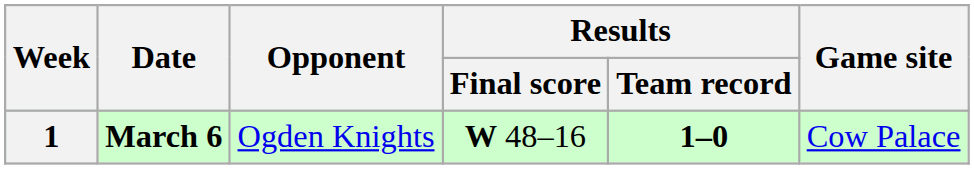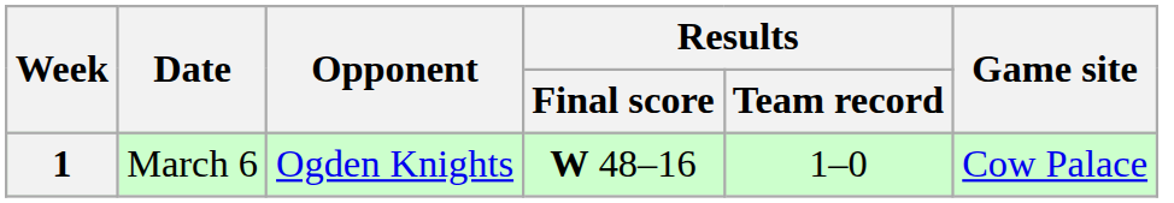 <table class="wikitable" style="font-size: 92%;" "align=center">
 <tr>
 <th rowspan="2">Week</th>
 <th rowspan="2">Date</th>
 <th rowspan="2">Opponent</th>
 <th colspan="2">Results</th>
 <th rowspan="2">Game site</th>
 </tr>
 <tr>
 <th>Final score</th>
 <th>Team record</th>
 </tr>
 <tr style="background:#cfc">
 <th>1</th>
-<td style="text-align:center;"><strong>March 6</strong></td>
+<td style="text-align:center;">March 6</td>
 <td style="text-align:center;"><a href='#'>Ogden Knights</a></td>
 <td style="text-align:center;"><strong>W</strong> 48–16</td>
-<td style="text-align:center;"><strong>1–0</strong></td>
+<td style="text-align:center;">1–0</td>
 <td style="text-align:center;"><a href='#'>Cow Palace</a></td>
 </tr>
 </table>
